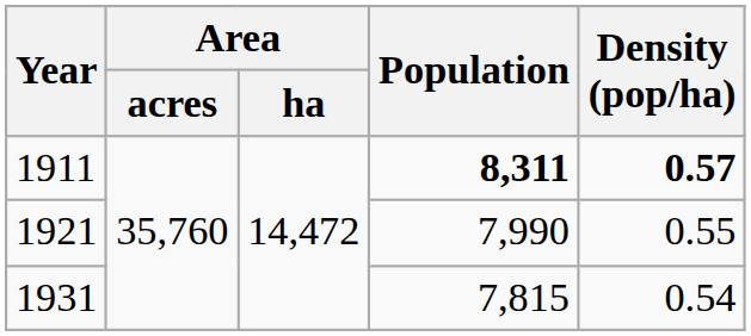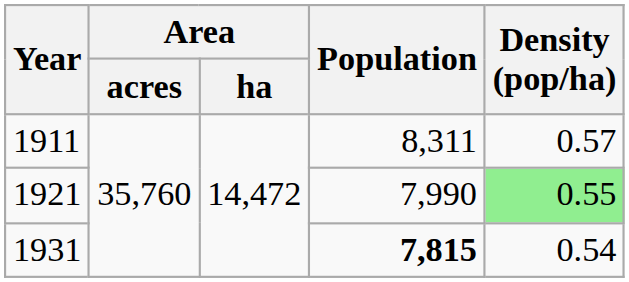 <table class="wikitable">
 <tr>
 <th rowspan="2">Year</th>
 <th colspan="2">Area</th>
 <th rowspan="2">Population<br></th>
 <th rowspan="2">Density<br>(pop/ha)</th>
 </tr>
 <tr>
 <th>acres</th>
 <th>ha</th>
 </tr>
 <tr>
 <td>1911</td>
 <td style="text-align:right;" rowspan="3">35,760</td>
 <td style="text-align:right;" rowspan="3">14,472</td>
-<td style="text-align:right;"><strong>8,311</strong></td>
-<td style="text-align:right;"><strong>0.57</strong></td>
+<td style="text-align:right;">8,311</td>
+<td style="text-align:right;">0.57</td>
 </tr>
 <tr>
 <td>1921</td>
 <td style="text-align:right;">7,990</td>
-<td style="text-align:right;">0.55</td>
+<td style="background: lightgreen; text-align:right;">0.55</td>
 </tr>
 <tr>
 <td>1931</td>
-<td style="text-align:right;">7,815</td>
+<td style="text-align:right;"><strong>7,815</strong></td>
 <td style="text-align:right;">0.54</td>
 </tr>
 </table>
